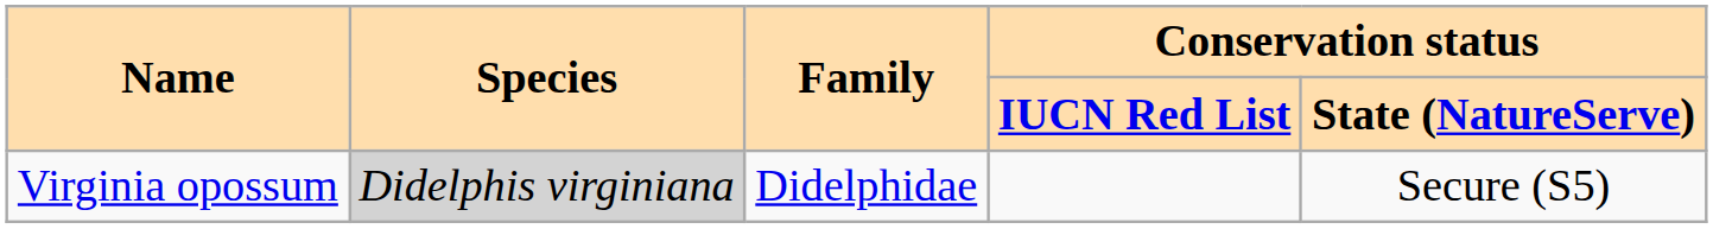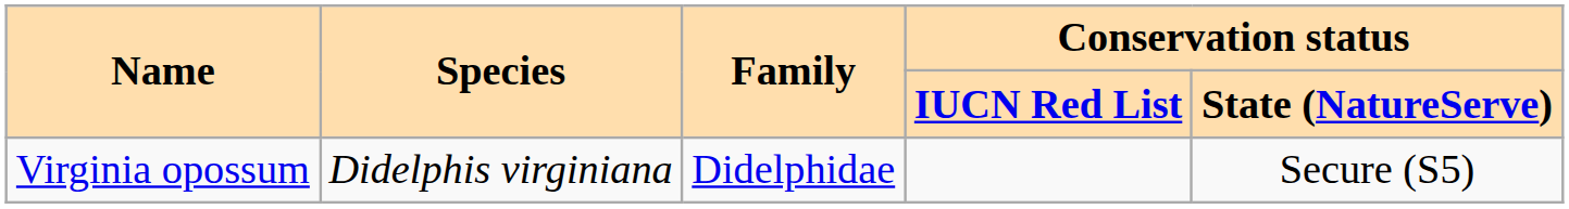 <table class="wikitable" style="margin:1em auto; text-align:center;">
 <tr>
 <th rowspan="2" style="background:navajowhite">Name</th>
 <th rowspan="2" style="background:navajowhite">Species</th>
 <th rowspan="2" style="background:navajowhite">Family</th>
 <th colspan="2" style="background:navajowhite">Conservation status</th>
 </tr>
 <tr>
 <th style="background:navajowhite"><a href='#'>IUCN Red List</a></th>
 <th style="background:navajowhite">State (<a href='#'>NatureServe</a>)</th>
 </tr>
 <tr>
 <td><a href='#'>Virginia opossum</a></td>
-<td style="background: lightgrey;"><em>Didelphis virginiana</em></td>
+<td><em>Didelphis virginiana</em></td>
 <td><a href='#'>Didelphidae</a></td>
 <td></td>
 <td>Secure (S5)</td>
 </tr>
 </table>
